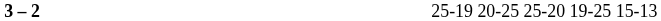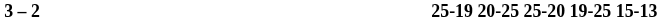 <table width=100% cellspacing=1>
 <tr>
 <th width=20%></th>
 <th width=12%></th>
 <th width=20%></th>
 <th width=33%></th>
 <td></td>
 </tr>
 <tr style=font-size:90%>
 <td align=right><strong></strong></td>
 <td align=center><strong>3 – 2</strong></td>
 <td></td>
-<td>25-19 20-25 25-20 19-25 15-13</td>
+<td><strong>25-19 20-25 25-20 19-25 15-13</strong></td>
 </tr>
 </table>
